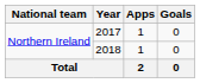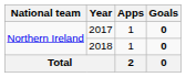 <table class=wikitable style="text-align: center;">
 <tr>
 <th>National team</th>
 <th>Year</th>
 <th>Apps</th>
 <th>Goals</th>
 </tr>
 <tr>
 <td rowspan=2><a href='#'>Northern Ireland</a></td>
 <td>2017</td>
 <td>1</td>
-<td>0</td>
+<td><strong>0</strong></td>
 </tr>
 <tr>
 <td>2018</td>
 <td>1</td>
-<td>0</td>
+<td><strong>0</strong></td>
 </tr>
 <tr>
 <th colspan=2>Total</th>
 <th>2</th>
 <th>0</th>
 </tr>
 </table>
